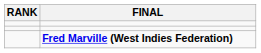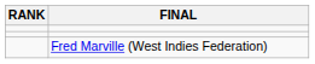 <table class="wikitable">
 <tr>
 <th>RANK</th>
 <th style="width: 20em">FINAL</th>
 </tr>
 <tr>
 <td align="center"></td>
 <td></td>
 </tr>
 <tr>
 <td align="center"></td>
 <td></td>
 </tr>
 <tr>
 <td align="center"></td>
-<td><strong> <a href='#'>Fred Marville</a> (West Indies Federation)</strong></td>
+<td> <a href='#'>Fred Marville</a> (West Indies Federation)</td>
 </tr>
 </table>
